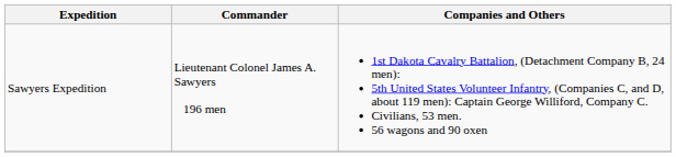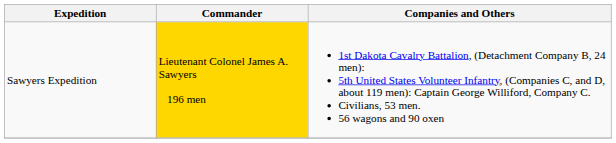 <table class="wikitable">
 <tr>
 <th width=25%>Expedition</th>
 <th width=25%>Commander</th>
 <th>Companies and Others</th>
 </tr>
 <tr>
 <td rowspan=1><br>Sawyers Expedition<br>    </td>
-<td>Lieutenant Colonel James A. Sawyers<br><br>   196 men</td>
+<td style="background: gold;">Lieutenant Colonel James A. Sawyers<br><br>   196 men</td>
 <td><br><ul><li><a href='#'>1st Dakota Cavalry Battalion</a>, (Detachment Company B, 24 men):</li><li><a href='#'>5th United States Volunteer Infantry</a>, (Companies C, and D, about 119 men): Captain George Williford, Company C.</li><li>Civilians, 53 men.</li><li>56 wagons and 90 oxen</li></ul></td>
 </tr>
 <tr>
 </tr>
 </table>
